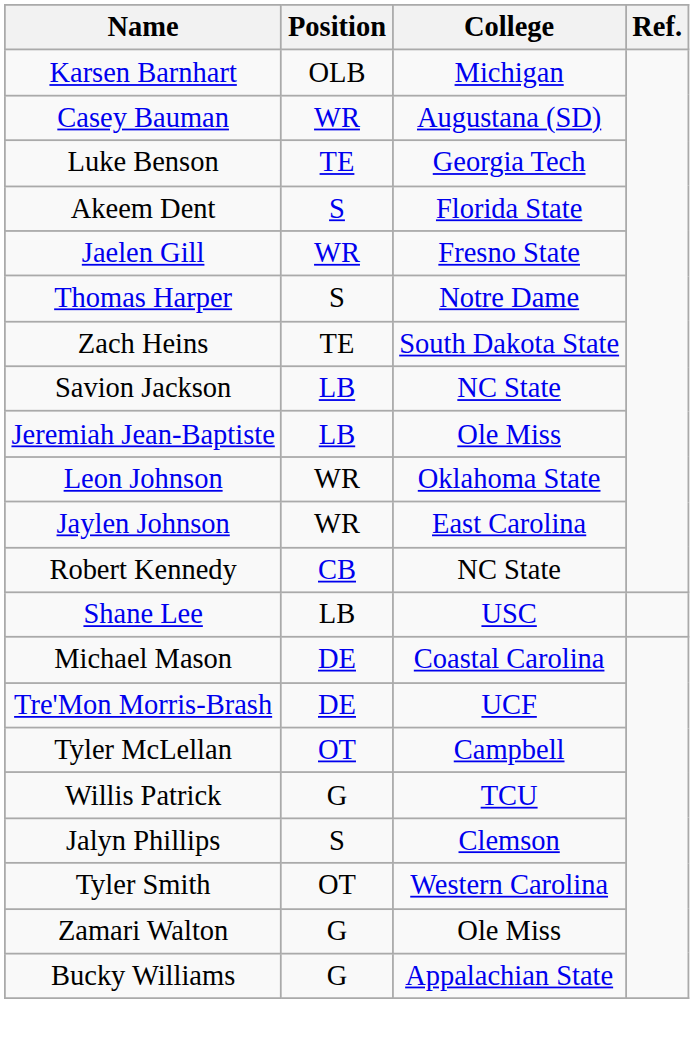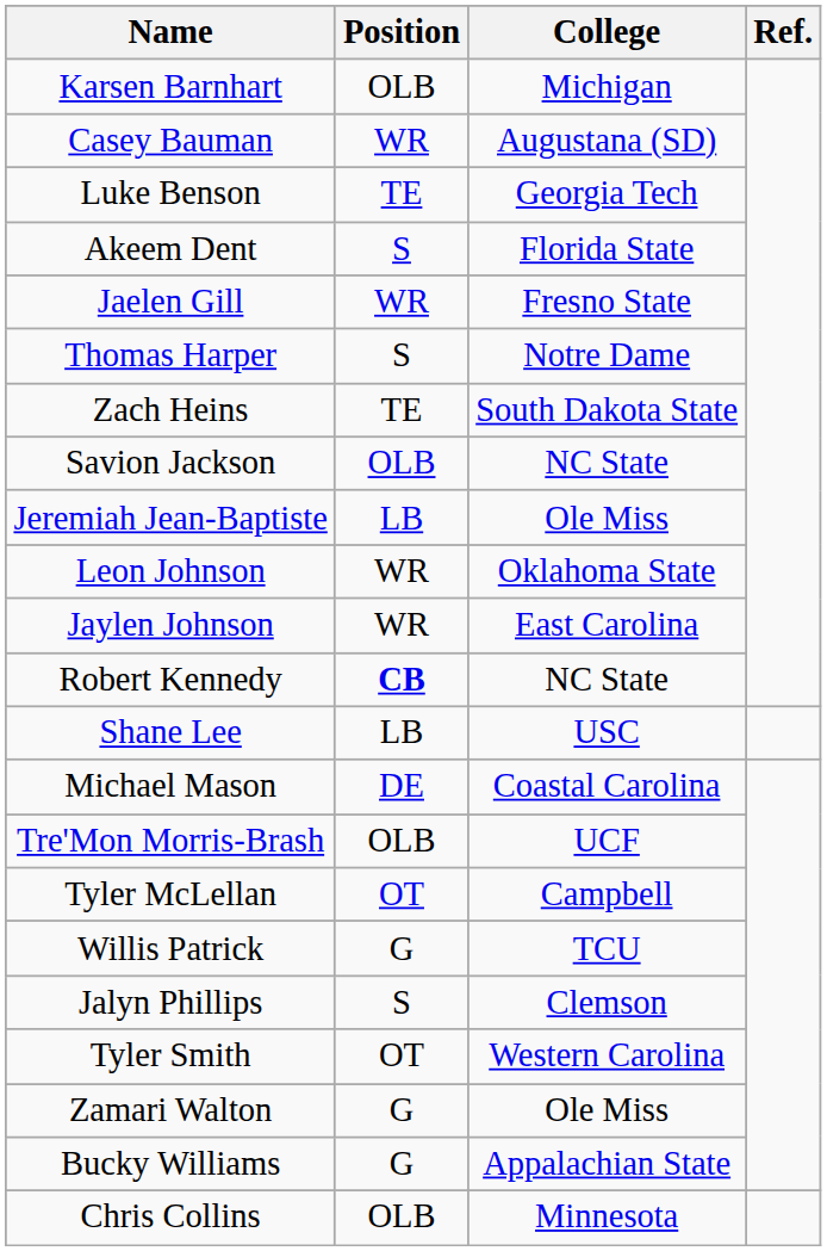 <table class="wikitable" style="text-align:center">
 <tr>
 <th>Name</th>
 <th>Position</th>
 <th>College</th>
 <th>Ref.</th>
 </tr>
 <tr>
 <td><a href='#'>Karsen Barnhart</a></td>
 <td>OLB</td>
 <td><a href='#'>Michigan</a></td>
 <td rowspan="12"></td>
 </tr>
 <tr>
 <td><a href='#'>Casey Bauman</a></td>
 <td><a href='#'>WR</a></td>
 <td><a href='#'>Augustana (SD)</a></td>
 </tr>
 <tr>
 <td>Luke Benson</td>
 <td><a href='#'>TE</a></td>
 <td><a href='#'>Georgia Tech</a></td>
 </tr>
 <tr>
 <td>Akeem Dent</td>
 <td><a href='#'>S</a></td>
 <td><a href='#'>Florida State</a></td>
 </tr>
 <tr>
 <td><a href='#'>Jaelen Gill</a></td>
 <td><a href='#'>WR</a></td>
 <td><a href='#'>Fresno State</a></td>
 </tr>
 <tr>
 <td><a href='#'>Thomas Harper</a></td>
 <td>S</td>
 <td><a href='#'>Notre Dame</a></td>
 </tr>
 <tr>
 <td>Zach Heins</td>
 <td>TE</td>
 <td><a href='#'>South Dakota State</a></td>
 </tr>
 <tr>
 <td>Savion Jackson</td>
-<td><a href='#'>LB</a></td>
+<td><a href='#'>OLB</a></td>
 <td><a href='#'>NC State</a></td>
 </tr>
 <tr>
 <td><a href='#'>Jeremiah Jean-Baptiste</a></td>
 <td><a href='#'>LB</a></td>
 <td><a href='#'>Ole Miss</a></td>
 </tr>
 <tr>
 <td><a href='#'>Leon Johnson</a></td>
 <td>WR</td>
 <td><a href='#'>Oklahoma State</a></td>
 </tr>
 <tr>
 <td><a href='#'>Jaylen Johnson</a></td>
 <td>WR</td>
 <td><a href='#'>East Carolina</a></td>
 </tr>
 <tr>
 <td>Robert Kennedy</td>
-<td><a href='#'>CB</a></td>
+<td><strong><a href='#'>CB</a></strong></td>
 <td>NC State</td>
 </tr>
 <tr>
 <td><a href='#'>Shane Lee</a></td>
 <td>LB</td>
 <td><a href='#'>USC</a></td>
 <td></td>
 </tr>
 <tr>
 <td>Michael Mason</td>
 <td><a href='#'>DE</a></td>
 <td><a href='#'>Coastal Carolina</a></td>
 <td rowspan="8"></td>
 </tr>
 <tr>
 <td><a href='#'>Tre'Mon Morris-Brash</a></td>
-<td><a href='#'>DE</a></td>
+<td>OLB</td>
 <td><a href='#'>UCF</a></td>
 </tr>
 <tr>
 <td>Tyler McLellan</td>
 <td><a href='#'>OT</a></td>
 <td><a href='#'>Campbell</a></td>
 </tr>
 <tr>
 <td>Willis Patrick</td>
 <td>G</td>
 <td><a href='#'>TCU</a></td>
 </tr>
 <tr>
 <td>Jalyn Phillips</td>
 <td>S</td>
 <td><a href='#'>Clemson</a></td>
 </tr>
 <tr>
 <td>Tyler Smith</td>
 <td>OT</td>
 <td><a href='#'>Western Carolina</a></td>
 </tr>
 <tr>
 <td>Zamari Walton</td>
 <td>G</td>
 <td>Ole Miss</td>
 </tr>
 <tr>
 <td>Bucky Williams</td>
 <td>G</td>
 <td><a href='#'>Appalachian State</a></td>
 </tr>
+<tr>
+<td>Chris Collins</td>
+<td>OLB</td>
+<td><a href='#'>Minnesota</a></td>
+<td></td>
+</tr>
 </table>
